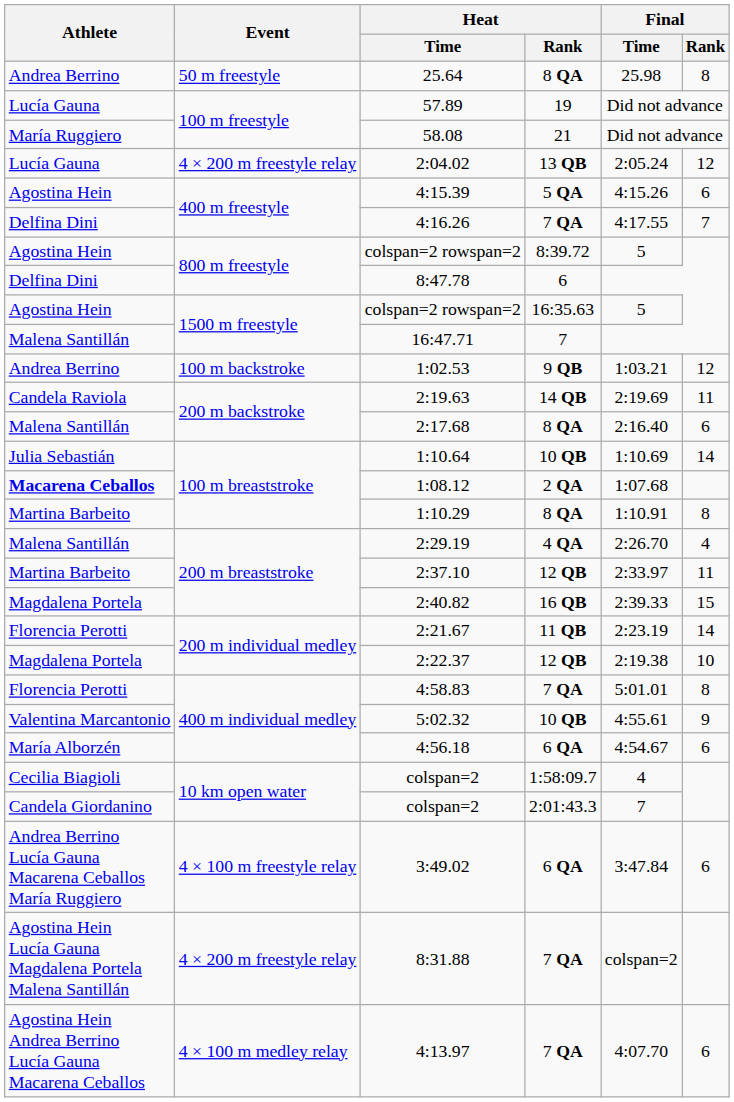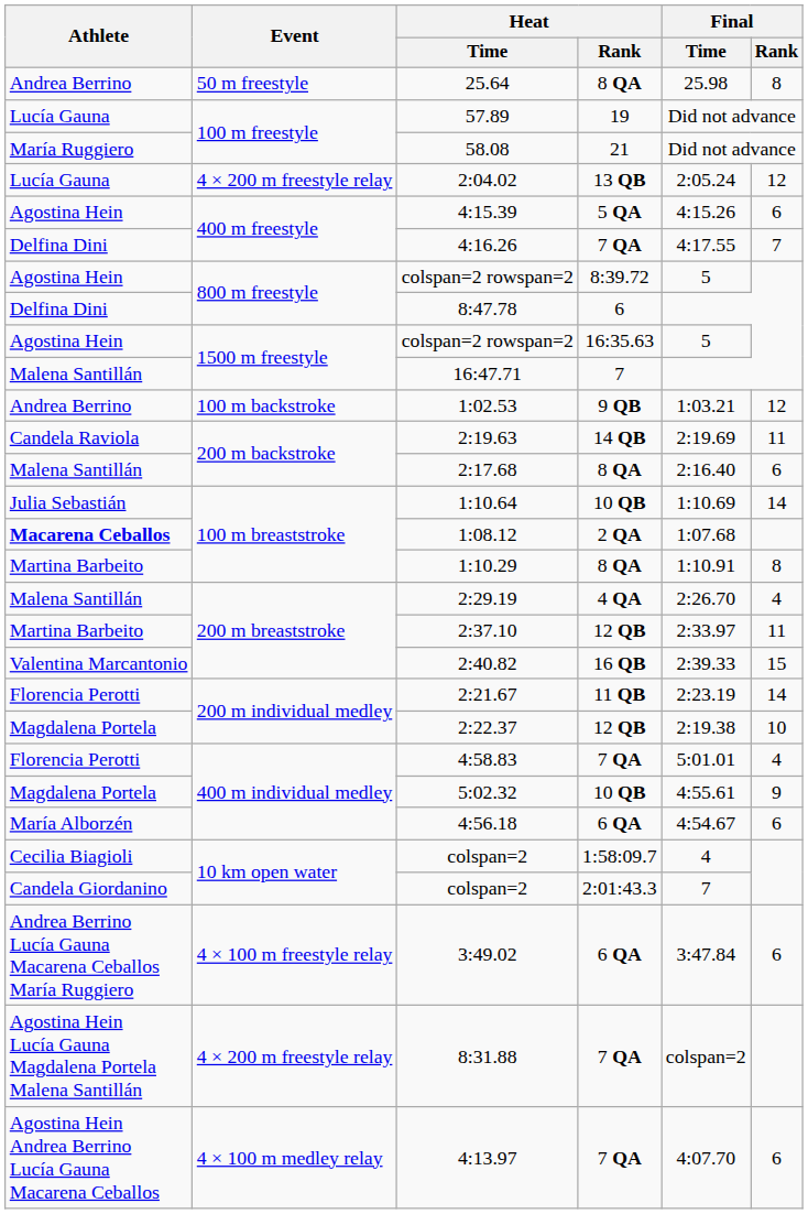 <table class=wikitable style="font-size:90%">
 <tr>
 <th rowspan="2">Athlete</th>
 <th rowspan="2">Event</th>
 <th colspan="2">Heat</th>
 <th colspan="2">Final</th>
 </tr>
 <tr style="font-size:95%">
 <th>Time</th>
 <th>Rank</th>
 <th>Time</th>
 <th>Rank</th>
 </tr>
 <tr align=center>
 <td align=left><a href='#'>Andrea Berrino</a></td>
 <td align=left><a href='#'>50 m freestyle</a></td>
 <td>25.64</td>
 <td>8 <strong>QA</strong></td>
 <td>25.98</td>
 <td>8</td>
 </tr>
 <tr align=center>
 <td align=left><a href='#'>Lucía Gauna</a></td>
 <td align=left rowspan=2><a href='#'>100 m freestyle</a></td>
 <td>57.89</td>
 <td>19</td>
 <td colspan=2>Did not advance</td>
 </tr>
 <tr align=center>
 <td align=left><a href='#'>María Ruggiero</a></td>
 <td>58.08</td>
 <td>21</td>
 <td colspan=2>Did not advance</td>
 </tr>
 <tr align=center>
 <td align=left><a href='#'>Lucía Gauna</a></td>
 <td align=left><a href='#'>4 × 200 m freestyle relay</a></td>
 <td>2:04.02</td>
 <td>13 <strong>QB</strong></td>
 <td>2:05.24</td>
 <td>12</td>
 </tr>
 <tr align=center>
 <td align=left><a href='#'>Agostina Hein</a></td>
 <td align=left rowspan=2><a href='#'>400 m freestyle</a></td>
 <td>4:15.39</td>
 <td>5 <strong>QA</strong></td>
 <td>4:15.26</td>
 <td>6</td>
 </tr>
 <tr align=center>
 <td align=left><a href='#'>Delfina Dini</a></td>
 <td>4:16.26</td>
 <td>7 <strong>QA</strong></td>
 <td>4:17.55</td>
 <td>7</td>
 </tr>
 <tr align=center>
 <td align=left><a href='#'>Agostina Hein</a></td>
 <td align=left rowspan=2><a href='#'>800 m freestyle</a></td>
 <td>colspan=2 rowspan=2 </td>
 <td>8:39.72</td>
 <td>5</td>
 </tr>
 <tr align=center>
 <td align=left><a href='#'>Delfina Dini</a></td>
 <td>8:47.78</td>
 <td>6</td>
 </tr>
 <tr align=center>
 <td align=left><a href='#'>Agostina Hein</a></td>
 <td align=left rowspan=2><a href='#'>1500 m freestyle</a></td>
 <td>colspan=2 rowspan=2 </td>
 <td>16:35.63</td>
 <td>5</td>
 </tr>
 <tr align=center>
 <td align=left><a href='#'>Malena Santillán</a></td>
 <td>16:47.71</td>
 <td>7</td>
 </tr>
 <tr align=center>
 <td align=left><a href='#'>Andrea Berrino</a></td>
 <td align=left><a href='#'>100 m backstroke</a></td>
 <td>1:02.53</td>
 <td>9 <strong>QB</strong></td>
 <td>1:03.21</td>
 <td>12</td>
 </tr>
 <tr align=center>
 <td align=left><a href='#'>Candela Raviola</a></td>
 <td align=left rowspan=2><a href='#'>200 m backstroke</a></td>
 <td>2:19.63</td>
 <td>14 <strong>QB</strong></td>
 <td>2:19.69</td>
 <td>11</td>
 </tr>
 <tr align=center>
 <td align=left><a href='#'>Malena Santillán</a></td>
 <td>2:17.68</td>
 <td>8 <strong>QA</strong></td>
 <td>2:16.40</td>
 <td>6</td>
 </tr>
 <tr align=center>
 <td align=left><a href='#'>Julia Sebastián</a></td>
 <td align=left rowspan=3><a href='#'>100 m breaststroke</a></td>
 <td>1:10.64</td>
 <td>10 <strong>QB</strong></td>
 <td>1:10.69</td>
 <td>14</td>
 </tr>
 <tr align=center>
 <td align=left><strong><a href='#'>Macarena Ceballos</a></strong></td>
 <td>1:08.12</td>
 <td>2 <strong>QA</strong></td>
 <td>1:07.68</td>
 <td></td>
 </tr>
 <tr align=center>
 <td align=left><a href='#'>Martina Barbeito</a></td>
 <td>1:10.29</td>
 <td>8 <strong>QA</strong></td>
 <td>1:10.91</td>
 <td>8</td>
 </tr>
 <tr align=center>
 <td align=left><a href='#'>Malena Santillán</a></td>
 <td align=left rowspan=3><a href='#'>200 m breaststroke</a></td>
 <td>2:29.19</td>
 <td>4 <strong>QA</strong></td>
 <td>2:26.70</td>
 <td>4</td>
 </tr>
 <tr align=center>
 <td align=left><a href='#'>Martina Barbeito</a></td>
 <td>2:37.10</td>
 <td>12 <strong>QB</strong></td>
 <td>2:33.97</td>
 <td>11</td>
 </tr>
 <tr align=center>
-<td align=left><a href='#'>Magdalena Portela</a></td>
+<td align=left><a href='#'>Valentina Marcantonio</a></td>
 <td>2:40.82</td>
 <td>16 <strong>QB</strong></td>
 <td>2:39.33</td>
 <td>15</td>
 </tr>
 <tr align=center>
 <td align=left><a href='#'>Florencia Perotti</a></td>
 <td align=left rowspan=2><a href='#'>200 m individual medley</a></td>
 <td>2:21.67</td>
 <td>11 <strong>QB</strong></td>
 <td>2:23.19</td>
 <td>14</td>
 </tr>
 <tr align=center>
 <td align=left><a href='#'>Magdalena Portela</a></td>
 <td>2:22.37</td>
 <td>12 <strong>QB</strong></td>
 <td>2:19.38</td>
 <td>10</td>
 </tr>
 <tr align=center>
 <td align=left><a href='#'>Florencia Perotti</a></td>
 <td align=left rowspan=3><a href='#'>400 m individual medley</a></td>
 <td>4:58.83</td>
 <td>7 <strong>QA</strong></td>
 <td>5:01.01</td>
-<td>8</td>
+<td>4</td>
 </tr>
 <tr align=center>
-<td align=left><a href='#'>Valentina Marcantonio</a></td>
+<td align=left><a href='#'>Magdalena Portela</a></td>
 <td>5:02.32</td>
 <td>10 <strong>QB</strong></td>
 <td>4:55.61</td>
 <td>9</td>
 </tr>
 <tr align=center>
 <td align=left><a href='#'>María Alborzén</a></td>
 <td>4:56.18</td>
 <td>6 <strong>QA</strong></td>
 <td>4:54.67</td>
 <td>6</td>
 </tr>
 <tr align=center>
 <td align=left><a href='#'>Cecilia Biagioli</a></td>
 <td align=left rowspan=2><a href='#'>10 km open water</a></td>
 <td>colspan=2 </td>
 <td>1:58:09.7</td>
 <td>4</td>
 </tr>
 <tr align=center>
 <td align=left><a href='#'>Candela Giordanino</a></td>
 <td>colspan=2 </td>
 <td>2:01:43.3</td>
 <td>7</td>
 </tr>
 <tr align=center>
 <td align=left><a href='#'>Andrea Berrino</a><br><a href='#'>Lucía Gauna</a><br><a href='#'>Macarena Ceballos</a><br><a href='#'>María Ruggiero</a></td>
 <td align=left><a href='#'>4 × 100 m freestyle relay</a></td>
 <td>3:49.02</td>
 <td>6 <strong>QA</strong></td>
 <td>3:47.84</td>
 <td>6</td>
 </tr>
 <tr align=center>
 <td align=left><a href='#'>Agostina Hein</a><br><a href='#'>Lucía Gauna</a><br><a href='#'>Magdalena Portela</a><br><a href='#'>Malena Santillán</a></td>
 <td align=left><a href='#'>4 × 200 m freestyle relay</a></td>
 <td>8:31.88</td>
 <td>7 <strong>QA</strong></td>
 <td>colspan=2 </td>
 </tr>
 <tr align=center>
 <td align=left><a href='#'>Agostina Hein</a><br><a href='#'>Andrea Berrino</a><br><a href='#'>Lucía Gauna</a><br><a href='#'>Macarena Ceballos</a></td>
 <td align=left><a href='#'>4 × 100 m medley relay</a></td>
 <td>4:13.97</td>
 <td>7 <strong>QA</strong></td>
 <td>4:07.70</td>
 <td>6</td>
 </tr>
 </table>
